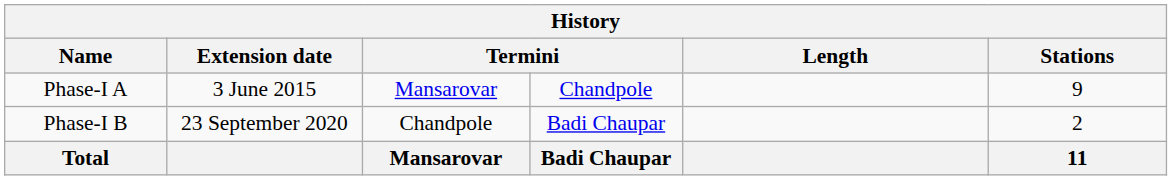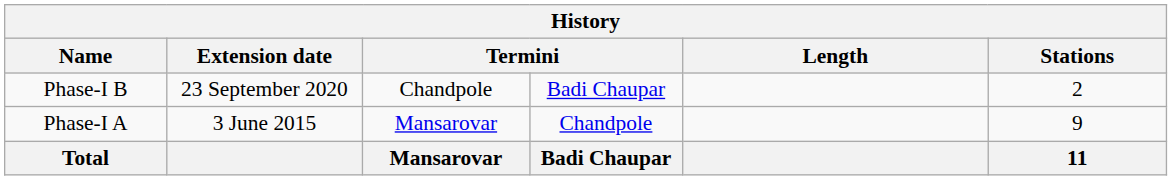 <table class="wikitable" style="text-align: center;">
 <tr>
 <th colspan="6" style="background:#"><span>History</span></th>
 </tr>
 <tr>
 <th width="5%">Name</th>
 <th width="5%">Extension date</th>
 <th width="5%"  colspan="2">Termini</th>
 <th width="10%">Length</th>
 <th width="5%">Stations</th>
 </tr>
 <tr>
+<td>Phase-I B</td>
+<td>23 September 2020</td>
+<td>Chandpole</td>
+<td><a href='#'>Badi Chaupar</a></td>
+<td></td>
+<td>2</td>
+</tr>
+<tr>
 <td>Phase-I A</td>
 <td>3 June 2015</td>
 <td><a href='#'>Mansarovar</a></td>
 <td><a href='#'>Chandpole</a></td>
 <td></td>
 <td>9</td>
-</tr>
-<tr>
-<td>Phase-I B</td>
-<td>23 September 2020</td>
-<td>Chandpole</td>
-<td><a href='#'>Badi Chaupar</a></td>
-<td></td>
-<td>2</td>
 </tr>
 <tr>
 <th>Total</th>
 <th></th>
 <th>Mansarovar</th>
 <th>Badi Chaupar</th>
 <th></th>
 <th>11</th>
 </tr>
 </table>
